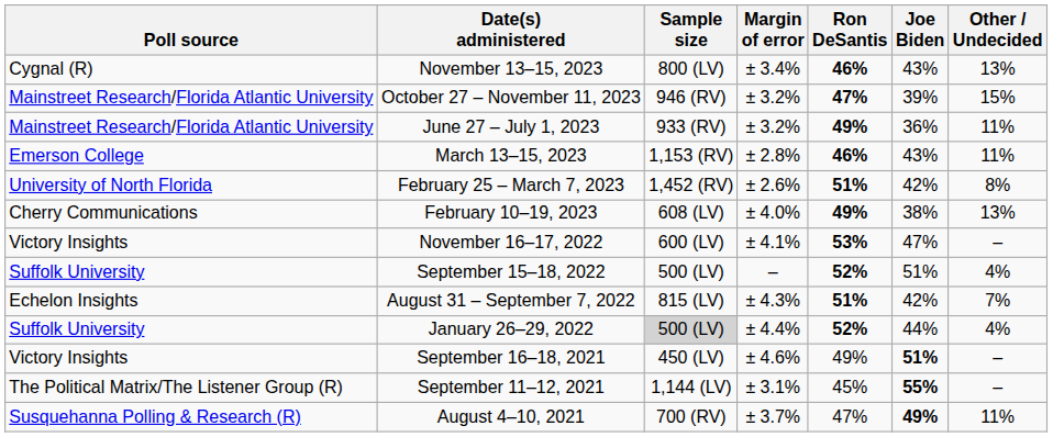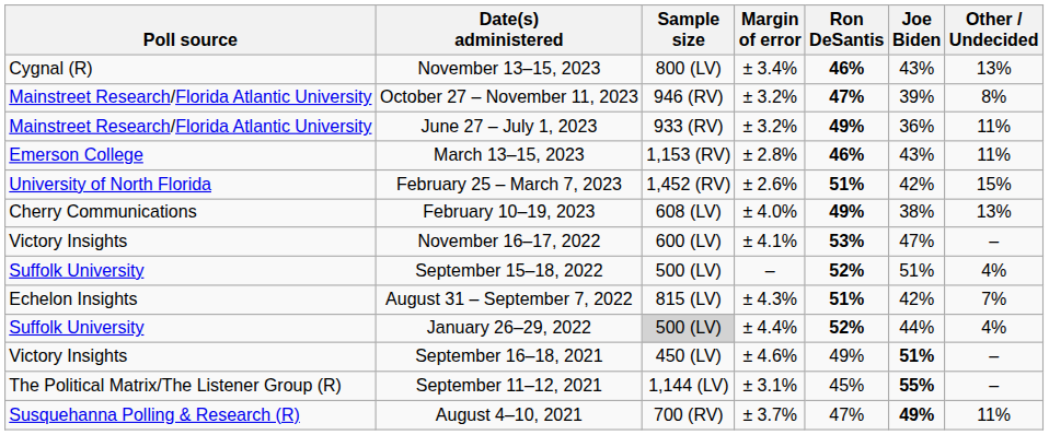 <table class="wikitable sortable mw-datatable" style="font-size:90%;text-align:center;line-height:17px">
 <tr valign=bottom>
 <th>Poll source</th>
 <th>Date(s)<br>administered</th>
 <th>Sample<br>size</th>
 <th>Margin<br>of error</th>
 <th class="unsortable">Ron<br>DeSantis<br></th>
 <th class="unsortable">Joe<br>Biden<br></th>
 <th class="unsortable">Other /<br>Undecided</th>
 </tr>
 <tr>
 <td style="text-align:left;">Cygnal (R)</td>
 <td data-sort-value=2023-11-20>November 13–15, 2023</td>
 <td>800 (LV)</td>
 <td>± 3.4%</td>
 <td style="background-color:"><strong>46%</strong></td>
 <td>43%</td>
 <td>13%</td>
 </tr>
 <tr>
 <td style="text-align:left;"><a href='#'>Mainstreet Research</a>/<a href='#'>Florida Atlantic University</a></td>
 <td data-sort-value=2023-06-27>October 27 – November 11, 2023</td>
 <td>946 (RV)</td>
 <td>± 3.2%</td>
 <td style="background-color:"><strong>47%</strong></td>
 <td>39%</td>
-<td>15%</td>
+<td>8%</td>
 </tr>
 <tr>
 <td style="text-align:left;"><a href='#'>Mainstreet Research</a>/<a href='#'>Florida Atlantic University</a></td>
 <td data-sort-value=2023-06-27>June 27 – July 1, 2023</td>
 <td>933 (RV)</td>
 <td>± 3.2%</td>
 <td style="background-color:"><strong>49%</strong></td>
 <td>36%</td>
 <td>11%</td>
 </tr>
 <tr>
 <td style="text-align:left;"><a href='#'>Emerson College</a></td>
 <td data-sort-value=2023-03-15>March 13–15, 2023</td>
 <td>1,153 (RV)</td>
 <td>± 2.8%</td>
 <td style="background-color:"><strong>46%</strong></td>
 <td>43%</td>
 <td>11%</td>
 </tr>
 <tr>
 <td style="text-align:left;"><a href='#'>University of North Florida</a></td>
 <td data-sort-value=2023-03-07>February 25 – March 7, 2023</td>
 <td>1,452 (RV)</td>
 <td>± 2.6%</td>
 <td style="background-color:"><strong>51%</strong></td>
 <td>42%</td>
-<td>8%</td>
+<td>15%</td>
 </tr>
 <tr>
 <td style="text-align:left;">Cherry Communications</td>
 <td data-sort-value=2023-02-19>February 10–19, 2023</td>
 <td>608 (LV)</td>
 <td>± 4.0%</td>
 <td style="background-color:"><strong>49%</strong></td>
 <td>38%</td>
 <td>13%</td>
 </tr>
 <tr>
 <td style="text-align:left;">Victory Insights</td>
 <td data-sort-value=2022-11-17>November 16–17, 2022</td>
 <td>600 (LV)</td>
 <td>± 4.1%</td>
 <td style="background-color:"><strong>53%</strong></td>
 <td>47%</td>
 <td>–</td>
 </tr>
 <tr>
 <td style="text-align:left;"><a href='#'>Suffolk University</a></td>
 <td data-sort-value=2022-09-18>September 15–18, 2022</td>
 <td>500 (LV)</td>
 <td>–</td>
 <td style="background-color:"><strong>52%</strong></td>
 <td>51%</td>
 <td>4%</td>
 </tr>
 <tr>
 <td style="text-align:left;">Echelon Insights</td>
 <td data-sort-value=2022-09-07>August 31 – September 7, 2022</td>
 <td>815 (LV)</td>
 <td>± 4.3%</td>
 <td style="background-color:"><strong>51%</strong></td>
 <td>42%</td>
 <td>7%</td>
 </tr>
 <tr>
 <td style="text-align:left;"><a href='#'>Suffolk University</a></td>
 <td data-sort-value=2022-01-29>January 26–29, 2022</td>
 <td style="background: lightgrey;">500 (LV)</td>
 <td>± 4.4%</td>
 <td style="background-color:"><strong>52%</strong></td>
 <td>44%</td>
 <td>4%</td>
 </tr>
 <tr>
 <td style="text-align:left;">Victory Insights</td>
 <td data-sort-value=2021-09-18>September 16–18, 2021</td>
 <td>450 (LV)</td>
 <td>± 4.6%</td>
 <td>49%</td>
 <td style="color:black;background-color:"><strong>51%</strong></td>
 <td>–</td>
 </tr>
 <tr>
 <td style="text-align:left;">The Political Matrix/The Listener Group (R)</td>
 <td data-sort-value=2021-09-12>September 11–12, 2021</td>
 <td>1,144 (LV)</td>
 <td>± 3.1%</td>
 <td>45%</td>
 <td style="color:black;background-color:"><strong>55%</strong></td>
 <td>–</td>
 </tr>
 <tr>
 <td style="text-align:left;"><a href='#'>Susquehanna Polling & Research (R)</a></td>
 <td data-sort-value=2021-08-10>August 4–10, 2021</td>
 <td>700 (RV)</td>
 <td>± 3.7%</td>
 <td>47%</td>
 <td style="color:black;background-color:"><strong>49%</strong></td>
 <td>11%</td>
 </tr>
 </table>
